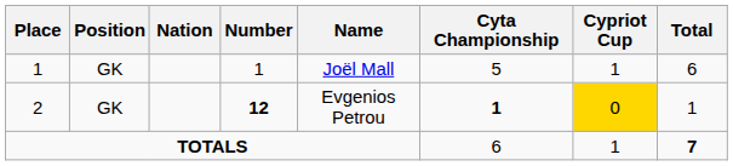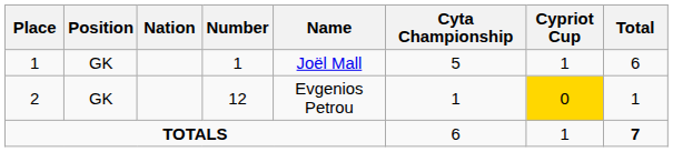 <table class="wikitable" style="font-size: 95%; text-align: center;">
 <tr>
 <th width=60>Place</th>
 <th width=60>Position</th>
 <th width=60>Nation</th>
 <th width=60>Number</th>
 <th width=150>Name</th>
 <th width=150>Cyta Championship</th>
 <th width=80>Cypriot Cup</th>
 <th width=80><strong>Total</strong></th>
 </tr>
 <tr>
 <td>1</td>
 <td>GK</td>
 <td></td>
 <td>1</td>
 <td><a href='#'>Joël Mall</a></td>
 <td>5</td>
 <td>1</td>
 <td>6</td>
 </tr>
 <tr>
 <td>2</td>
 <td>GK</td>
 <td></td>
-<td><strong>12</strong></td>
+<td>12</td>
 <td>Evgenios Petrou</td>
-<td><strong>1</strong></td>
+<td>1</td>
 <td style="background: gold;">0</td>
 <td>1</td>
 </tr>
 <tr>
 <td colspan="5"><strong>TOTALS</strong></td>
 <td>6</td>
 <td>1</td>
 <td><strong>7</strong></td>
 </tr>
 </table>
